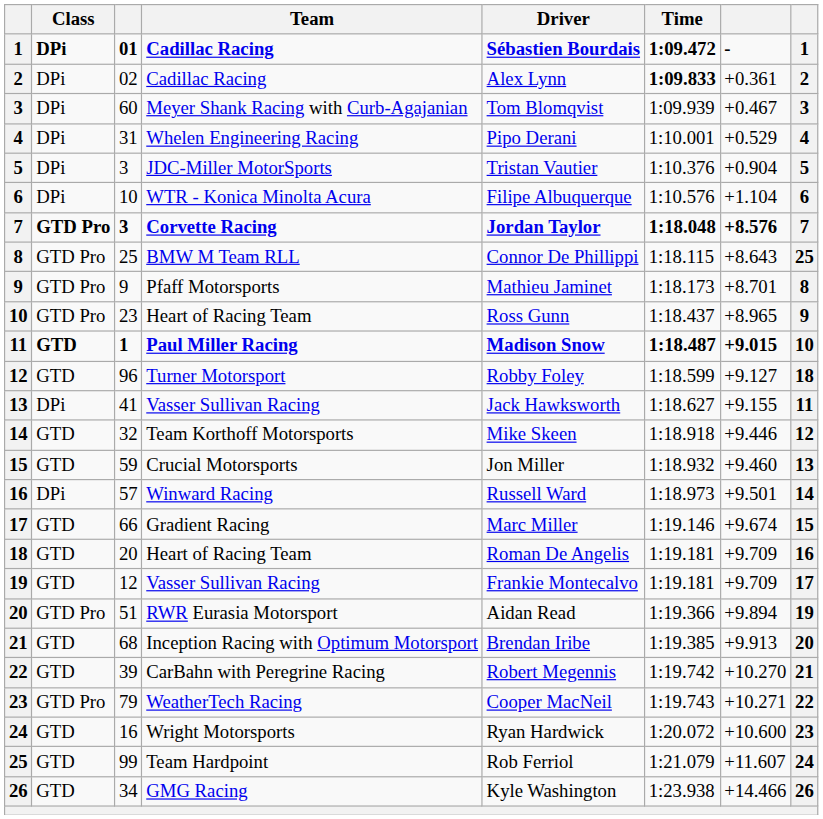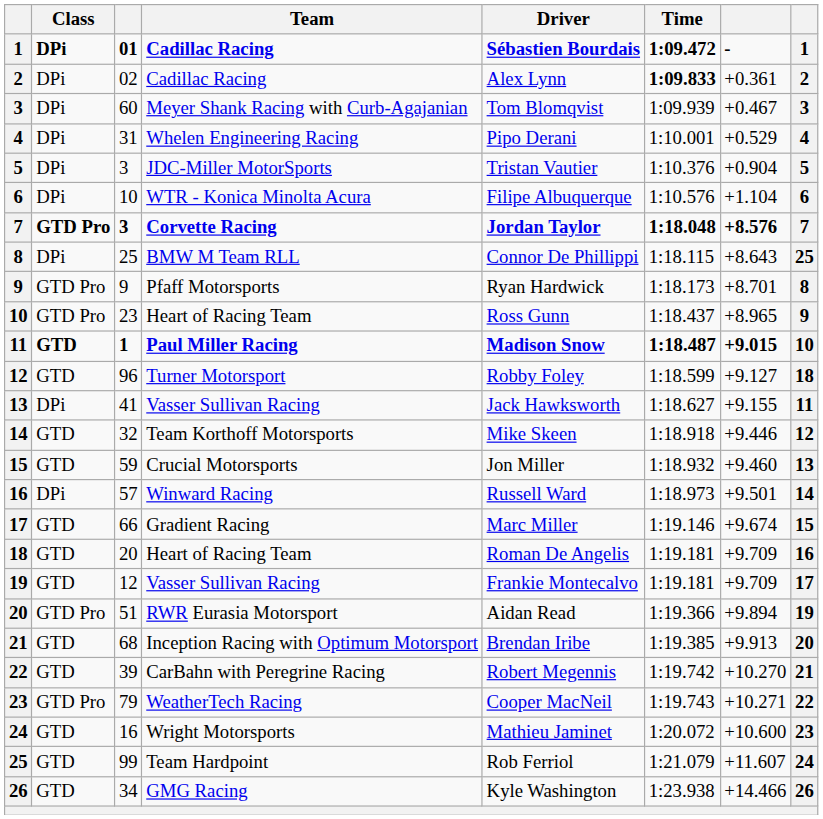 <table class="wikitable">
 <tr>
 <th scope="col"></th>
 <th scope="col">Class</th>
 <th scope="col"></th>
 <th scope="col">Team</th>
 <th scope="col">Driver</th>
 <th scope="col">Time</th>
 <th scope="col"></th>
 <th scope="col"></th>
 </tr>
 <tr style="font-weight:bold">
 <th scope="row">1</th>
 <td>DPi</td>
 <td>01</td>
 <td> <a href='#'>Cadillac Racing</a></td>
 <td> <a href='#'>Sébastien Bourdais</a></td>
 <td>1:09.472</td>
 <td><strong>-</strong></td>
 <th>1</th>
 </tr>
 <tr>
 <th scope="row">2</th>
 <td>DPi</td>
 <td>02</td>
 <td> <a href='#'>Cadillac Racing</a></td>
 <td> <a href='#'>Alex Lynn</a></td>
 <td><strong>1:09.833</strong></td>
 <td>+0.361</td>
 <th>2</th>
 </tr>
 <tr>
 <th scope="row">3</th>
 <td>DPi</td>
 <td>60</td>
 <td> <a href='#'>Meyer Shank Racing</a> with <a href='#'>Curb-Agajanian</a></td>
 <td> <a href='#'>Tom Blomqvist</a></td>
 <td>1:09.939</td>
 <td>+0.467</td>
 <th>3</th>
 </tr>
 <tr>
 <th scope="row">4</th>
 <td>DPi</td>
 <td>31</td>
 <td> <a href='#'>Whelen Engineering Racing</a></td>
 <td> <a href='#'>Pipo Derani</a></td>
 <td>1:10.001</td>
 <td>+0.529</td>
 <th>4</th>
 </tr>
 <tr>
 <th scope="row">5</th>
 <td>DPi</td>
 <td>3</td>
 <td> <a href='#'>JDC-Miller MotorSports</a></td>
 <td> <a href='#'>Tristan Vautier</a></td>
 <td>1:10.376</td>
 <td>+0.904</td>
 <th>5</th>
 </tr>
 <tr>
 <th scope="row">6</th>
 <td>DPi</td>
 <td>10</td>
 <td> <a href='#'>WTR - Konica Minolta Acura</a></td>
 <td> <a href='#'>Filipe Albuquerque</a></td>
 <td>1:10.576</td>
 <td>+1.104</td>
 <th>6</th>
 </tr>
 <tr style="font-weight:bold">
 <th scope="row">7</th>
 <td>GTD Pro</td>
 <td>3</td>
 <td> <a href='#'>Corvette Racing</a></td>
 <td> <a href='#'>Jordan Taylor</a></td>
 <td>1:18.048</td>
 <td>+8.576</td>
 <th>7</th>
 </tr>
 <tr>
 <th scope="row">8</th>
-<td>GTD Pro</td>
+<td>DPi</td>
 <td>25</td>
 <td> <a href='#'>BMW M Team RLL</a></td>
 <td> <a href='#'>Connor De Phillippi</a></td>
 <td>1:18.115</td>
 <td>+8.643</td>
 <th>25</th>
 </tr>
 <tr>
 <th scope="row">9</th>
 <td>GTD Pro</td>
 <td>9</td>
 <td> Pfaff Motorsports</td>
-<td> <a href='#'>Mathieu Jaminet</a></td>
+<td> Ryan Hardwick</td>
 <td>1:18.173</td>
 <td>+8.701</td>
 <th>8</th>
 </tr>
 <tr>
 <th scope="row">10</th>
 <td>GTD Pro</td>
 <td>23</td>
 <td> Heart of Racing Team</td>
 <td> <a href='#'>Ross Gunn</a></td>
 <td>1:18.437</td>
 <td>+8.965</td>
 <th>9</th>
 </tr>
 <tr style="font-weight:bold">
 <th scope="row">11</th>
 <td>GTD</td>
 <td>1</td>
 <td> <a href='#'>Paul Miller Racing</a></td>
 <td> <a href='#'>Madison Snow</a></td>
 <td>1:18.487</td>
 <td>+9.015</td>
 <th>10</th>
 </tr>
 <tr>
 <th scope="row">12</th>
 <td>GTD</td>
 <td>96</td>
 <td> <a href='#'>Turner Motorsport</a></td>
 <td> <a href='#'>Robby Foley</a></td>
 <td>1:18.599</td>
 <td>+9.127</td>
 <th>18</th>
 </tr>
 <tr>
 <th scope="row">13</th>
 <td>DPi</td>
 <td>41</td>
 <td> <a href='#'>Vasser Sullivan Racing</a></td>
 <td> <a href='#'>Jack Hawksworth</a></td>
 <td>1:18.627</td>
 <td>+9.155</td>
 <th>11</th>
 </tr>
 <tr>
 <th scope="row">14</th>
 <td>GTD</td>
 <td>32</td>
 <td> Team Korthoff Motorsports</td>
 <td> <a href='#'>Mike Skeen</a></td>
 <td>1:18.918</td>
 <td>+9.446</td>
 <th>12</th>
 </tr>
 <tr>
 <th scope="row">15</th>
 <td>GTD</td>
 <td>59</td>
 <td> Crucial Motorsports</td>
 <td> Jon Miller</td>
 <td>1:18.932</td>
 <td>+9.460</td>
 <th>13</th>
 </tr>
 <tr>
 <th scope="row">16</th>
 <td>DPi</td>
 <td>57</td>
 <td> <a href='#'>Winward Racing</a></td>
 <td> <a href='#'>Russell Ward</a></td>
 <td>1:18.973</td>
 <td>+9.501</td>
 <th>14</th>
 </tr>
 <tr>
 <th scope="row">17</th>
 <td>GTD</td>
 <td>66</td>
 <td> Gradient Racing</td>
 <td> <a href='#'>Marc Miller</a></td>
 <td>1:19.146</td>
 <td>+9.674</td>
 <th>15</th>
 </tr>
 <tr>
 <th scope="row">18</th>
 <td>GTD</td>
 <td>20</td>
 <td> Heart of Racing Team</td>
 <td> <a href='#'>Roman De Angelis</a></td>
 <td>1:19.181</td>
 <td>+9.709</td>
 <th>16</th>
 </tr>
 <tr>
 <th scope="row">19</th>
 <td>GTD</td>
 <td>12</td>
 <td> <a href='#'>Vasser Sullivan Racing</a></td>
 <td> <a href='#'>Frankie Montecalvo</a></td>
 <td>1:19.181</td>
 <td>+9.709</td>
 <th>17</th>
 </tr>
 <tr>
 <th scope="row">20</th>
 <td>GTD Pro</td>
 <td>51</td>
 <td> <a href='#'>RWR</a> Eurasia Motorsport</td>
 <td> Aidan Read</td>
 <td>1:19.366</td>
 <td>+9.894</td>
 <th>19</th>
 </tr>
 <tr>
 <th scope="row">21</th>
 <td>GTD</td>
 <td>68</td>
 <td> Inception Racing with <a href='#'>Optimum Motorsport</a></td>
 <td> <a href='#'>Brendan Iribe</a></td>
 <td>1:19.385</td>
 <td>+9.913</td>
 <th>20</th>
 </tr>
 <tr>
 <th scope="row">22</th>
 <td>GTD</td>
 <td>39</td>
 <td> CarBahn with Peregrine Racing</td>
 <td> <a href='#'>Robert Megennis</a></td>
 <td>1:19.742</td>
 <td>+10.270</td>
 <th>21</th>
 </tr>
 <tr>
 <th scope="row">23</th>
 <td>GTD Pro</td>
 <td>79</td>
 <td> <a href='#'>WeatherTech Racing</a></td>
 <td> <a href='#'>Cooper MacNeil</a></td>
 <td>1:19.743</td>
 <td>+10.271</td>
 <th>22</th>
 </tr>
 <tr>
 <th scope="row">24</th>
 <td>GTD</td>
 <td>16</td>
 <td> Wright Motorsports</td>
-<td> Ryan Hardwick</td>
+<td> <a href='#'>Mathieu Jaminet</a></td>
 <td>1:20.072</td>
 <td>+10.600</td>
 <th>23</th>
 </tr>
 <tr>
 <th scope="row">25</th>
 <td>GTD</td>
 <td>99</td>
 <td> Team Hardpoint</td>
 <td> Rob Ferriol</td>
 <td>1:21.079</td>
 <td>+11.607</td>
 <th>24</th>
 </tr>
 <tr>
 <th scope="row">26</th>
 <td>GTD</td>
 <td>34</td>
 <td> <a href='#'>GMG Racing</a></td>
 <td> Kyle Washington</td>
 <td>1:23.938</td>
 <td>+14.466</td>
 <th>26</th>
 </tr>
 <tr>
 <th colspan=8> </th>
 </tr>
 <tr>
 </tr>
 </table>
